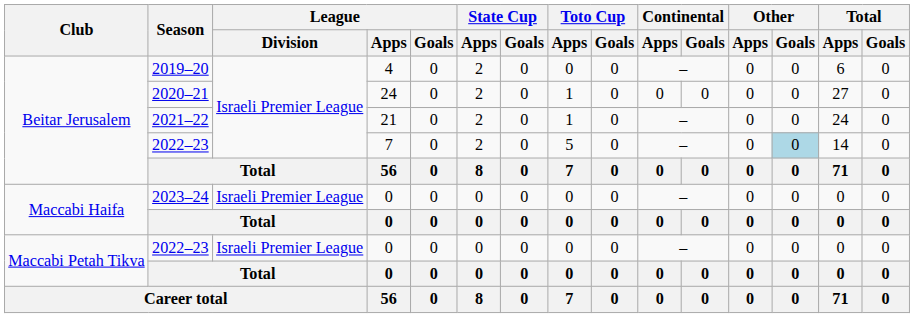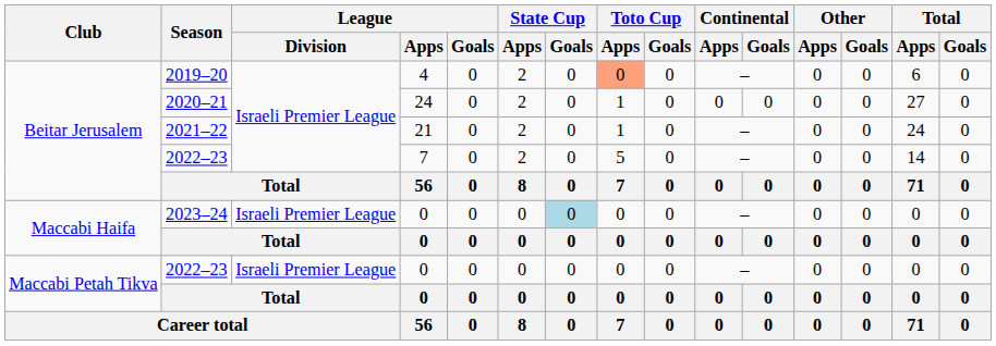 <table class="wikitable" style="text-align: center">
 <tr>
 <th rowspan="2">Club</th>
 <th rowspan="2">Season</th>
 <th colspan="3">League</th>
 <th colspan="2"><a href='#'>State Cup</a></th>
 <th colspan="2"><a href='#'>Toto Cup</a></th>
 <th colspan="2">Continental</th>
 <th colspan="2">Other</th>
 <th colspan="2">Total</th>
 </tr>
 <tr>
 <th>Division</th>
 <th>Apps</th>
 <th>Goals</th>
 <th>Apps</th>
 <th>Goals</th>
 <th>Apps</th>
 <th>Goals</th>
 <th>Apps</th>
 <th>Goals</th>
 <th>Apps</th>
 <th>Goals</th>
 <th>Apps</th>
 <th>Goals</th>
 </tr>
 <tr>
 <td rowspan="5"><a href='#'>Beitar Jerusalem</a></td>
 <td><a href='#'>2019–20</a></td>
 <td rowspan="4"><a href='#'>Israeli Premier League</a></td>
 <td>4</td>
 <td>0</td>
 <td>2</td>
 <td>0</td>
-<td>0</td>
+<td style="background: lightsalmon;">0</td>
 <td>0</td>
 <td colspan="2">–</td>
 <td>0</td>
 <td>0</td>
 <td>6</td>
 <td>0</td>
 </tr>
 <tr>
 <td><a href='#'>2020–21</a></td>
 <td>24</td>
 <td>0</td>
 <td>2</td>
 <td>0</td>
 <td>1</td>
 <td>0</td>
 <td>0</td>
 <td>0</td>
 <td>0</td>
 <td>0</td>
 <td>27</td>
 <td>0</td>
 </tr>
 <tr>
 <td><a href='#'>2021–22</a></td>
 <td>21</td>
 <td>0</td>
 <td>2</td>
 <td>0</td>
 <td>1</td>
 <td>0</td>
 <td colspan="2">–</td>
 <td>0</td>
 <td>0</td>
 <td>24</td>
 <td>0</td>
 </tr>
 <tr>
 <td><a href='#'>2022–23</a></td>
 <td>7</td>
 <td>0</td>
 <td>2</td>
 <td>0</td>
 <td>5</td>
 <td>0</td>
 <td colspan="2">–</td>
 <td>0</td>
-<td style="background: lightblue;">0</td>
+<td>0</td>
 <td>14</td>
 <td>0</td>
 </tr>
 <tr>
 <th colspan="2">Total</th>
 <th>56</th>
 <th>0</th>
 <th>8</th>
 <th>0</th>
 <th>7</th>
 <th>0</th>
 <th>0</th>
 <th>0</th>
 <th>0</th>
 <th>0</th>
 <th>71</th>
 <th>0</th>
 </tr>
 <tr>
 <td rowspan="2"><a href='#'>Maccabi Haifa</a></td>
 <td><a href='#'>2023–24</a></td>
 <td rowspan="1"><a href='#'>Israeli Premier League</a></td>
 <td>0</td>
 <td>0</td>
 <td>0</td>
-<td>0</td>
+<td style="background: lightblue;">0</td>
 <td>0</td>
 <td>0</td>
 <td colspan="2">–</td>
 <td>0</td>
 <td>0</td>
 <td>0</td>
 <td>0</td>
 </tr>
 <tr>
 <th colspan="2">Total</th>
 <th>0</th>
 <th>0</th>
 <th>0</th>
 <th>0</th>
 <th>0</th>
 <th>0</th>
 <th>0</th>
 <th>0</th>
 <th>0</th>
 <th>0</th>
 <th>0</th>
 <th>0</th>
 </tr>
 <tr>
 <td rowspan="2"><a href='#'>Maccabi Petah Tikva</a></td>
 <td><a href='#'>2022–23</a></td>
 <td rowspan="1"><a href='#'>Israeli Premier League</a></td>
 <td>0</td>
 <td>0</td>
 <td>0</td>
 <td>0</td>
 <td>0</td>
 <td>0</td>
 <td colspan="2">–</td>
 <td>0</td>
 <td>0</td>
 <td>0</td>
 <td>0</td>
 </tr>
 <tr>
 <th colspan="2">Total</th>
 <th>0</th>
 <th>0</th>
 <th>0</th>
 <th>0</th>
 <th>0</th>
 <th>0</th>
 <th>0</th>
 <th>0</th>
 <th>0</th>
 <th>0</th>
 <th>0</th>
 <th>0</th>
 </tr>
 <tr>
 <th colspan="3"><strong>Career total</strong></th>
 <th>56</th>
 <th>0</th>
 <th>8</th>
 <th>0</th>
 <th>7</th>
 <th>0</th>
 <th>0</th>
 <th>0</th>
 <th>0</th>
 <th>0</th>
 <th>71</th>
 <th>0</th>
 </tr>
 </table>
